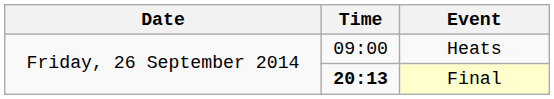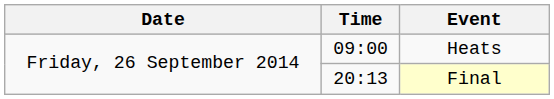 <table class = "wikitable" style="text-align:center;">
 <tr>
 <th width=220>Date</th>
 <th width=50>Time</th>
 <th width=100>Event</th>
 </tr>
 <tr>
 <td rowspan=2>Friday, 26 September 2014</td>
 <td>09:00</td>
 <td>Heats</td>
 </tr>
 <tr>
-<td><strong>20:13</strong></td>
+<td>20:13</td>
 <td bgcolor=ffffcc>Final</td>
 </tr>
 </table>
